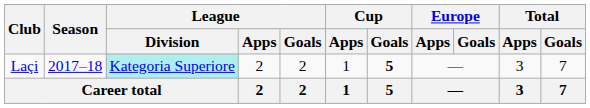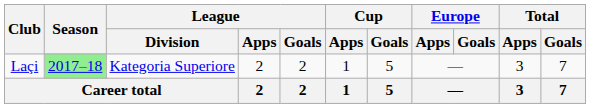 <table class="wikitable" style="text-align:center">
 <tr>
 <th rowspan="2">Club</th>
 <th rowspan="2">Season</th>
 <th colspan="3">League</th>
 <th colspan="2">Cup</th>
 <th colspan="2"><a href='#'>Europe</a></th>
 <th colspan="2">Total</th>
 </tr>
 <tr>
 <th>Division</th>
 <th>Apps</th>
 <th>Goals</th>
 <th>Apps</th>
 <th>Goals</th>
 <th>Apps</th>
 <th>Goals</th>
 <th>Apps</th>
 <th>Goals</th>
 </tr>
 <tr>
 <td><a href='#'>Laçi</a></td>
-<td><a href='#'>2017–18</a></td>
-<td style="background: paleturquoise;"><a href='#'>Kategoria Superiore</a></td>
+<td style="background: lightgreen;"><a href='#'>2017–18</a></td>
+<td><a href='#'>Kategoria Superiore</a></td>
 <td>2</td>
 <td>2</td>
 <td>1</td>
-<td><strong>5</strong></td>
+<td>5</td>
 <td colspan="2">—</td>
 <td>3</td>
 <td>7</td>
 </tr>
 <tr>
 <th colspan="3">Career total</th>
 <th>2</th>
 <th>2</th>
 <th>1</th>
 <th>5</th>
 <th colspan="2">—</th>
 <th>3</th>
 <th>7</th>
 </tr>
 </table>
